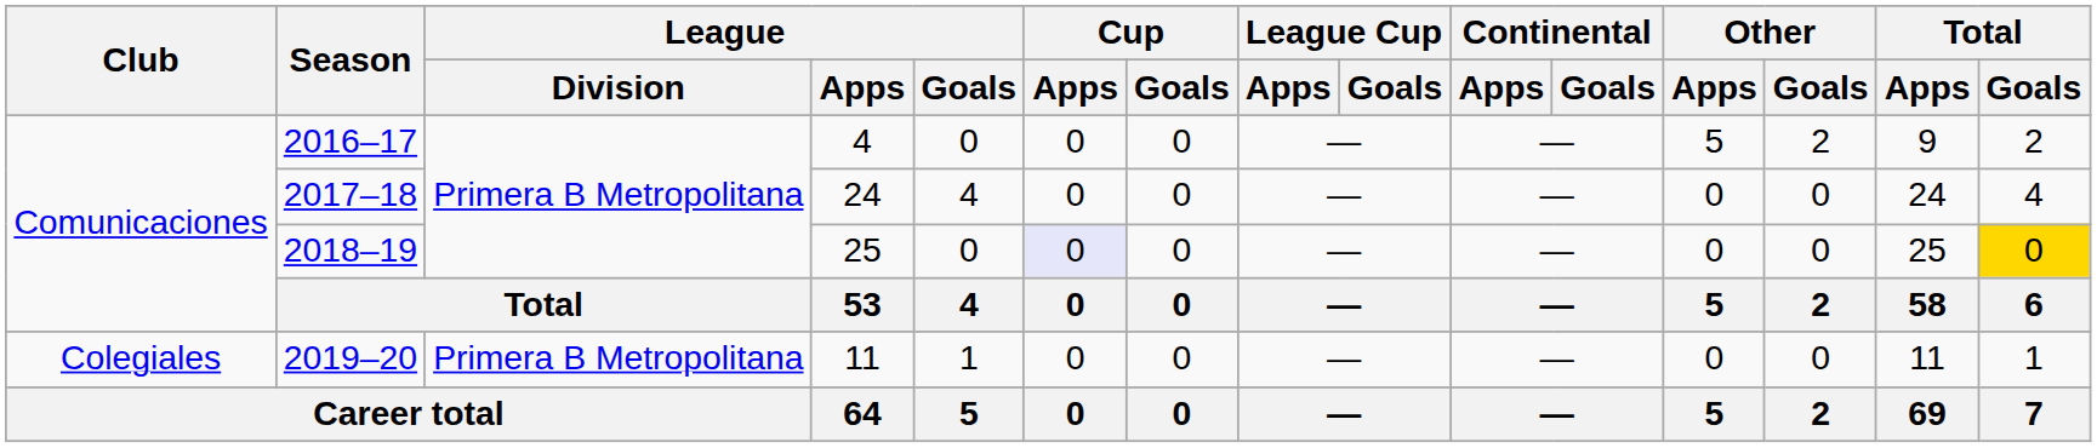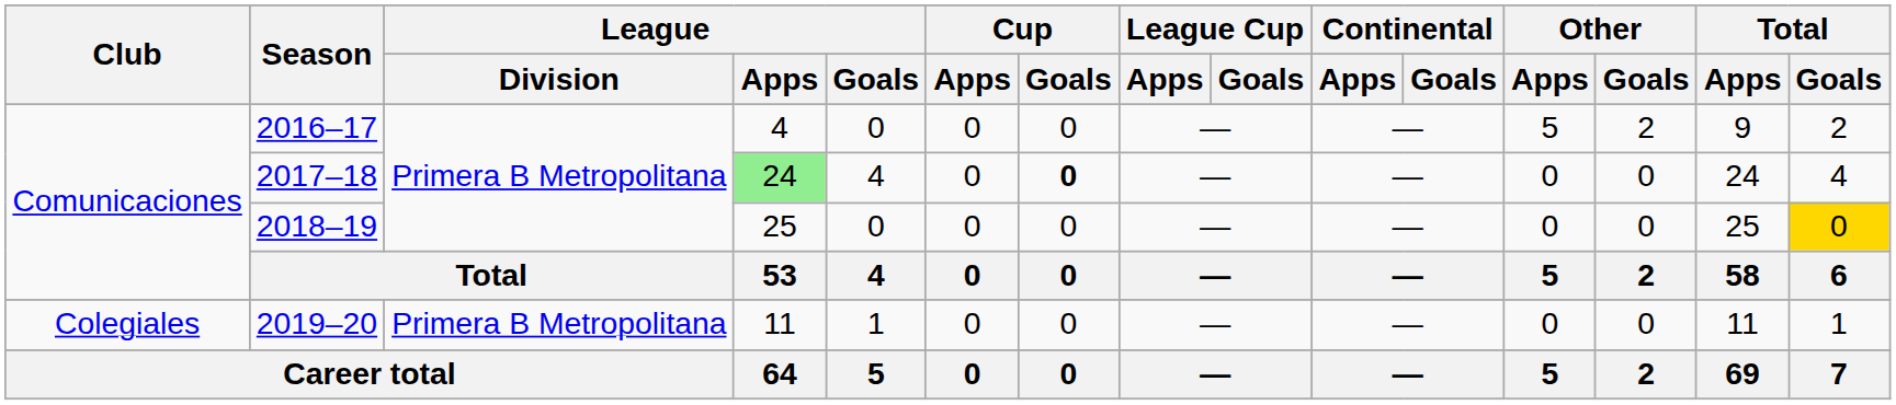 <table class="wikitable" style="text-align:center">
 <tr>
 <th rowspan="2">Club</th>
 <th rowspan="2">Season</th>
 <th colspan="3">League</th>
 <th colspan="2">Cup</th>
 <th colspan="2">League Cup</th>
 <th colspan="2">Continental</th>
 <th colspan="2">Other</th>
 <th colspan="2">Total</th>
 </tr>
 <tr>
 <th>Division</th>
 <th>Apps</th>
 <th>Goals</th>
 <th>Apps</th>
 <th>Goals</th>
 <th>Apps</th>
 <th>Goals</th>
 <th>Apps</th>
 <th>Goals</th>
 <th>Apps</th>
 <th>Goals</th>
 <th>Apps</th>
 <th>Goals</th>
 </tr>
 <tr>
 <td rowspan="4"><a href='#'>Comunicaciones</a></td>
 <td><a href='#'>2016–17</a></td>
 <td rowspan="3"><a href='#'>Primera B Metropolitana</a></td>
 <td>4</td>
 <td>0</td>
 <td>0</td>
 <td>0</td>
 <td colspan="2">—</td>
 <td colspan="2">—</td>
 <td>5</td>
 <td>2</td>
 <td>9</td>
 <td>2</td>
 </tr>
 <tr>
 <td><a href='#'>2017–18</a></td>
-<td>24</td>
+<td style="background: lightgreen;">24</td>
 <td>4</td>
 <td>0</td>
-<td>0</td>
+<td><strong>0</strong></td>
 <td colspan="2">—</td>
 <td colspan="2">—</td>
 <td>0</td>
 <td>0</td>
 <td>24</td>
 <td>4</td>
 </tr>
 <tr>
 <td><a href='#'>2018–19</a></td>
 <td>25</td>
 <td>0</td>
-<td style="background: lavender;">0</td>
+<td>0</td>
 <td>0</td>
 <td colspan="2">—</td>
 <td colspan="2">—</td>
 <td>0</td>
 <td>0</td>
 <td>25</td>
 <td style="background: gold;">0</td>
 </tr>
 <tr>
 <th colspan="2">Total</th>
 <th>53</th>
 <th>4</th>
 <th>0</th>
 <th>0</th>
 <th colspan="2">—</th>
 <th colspan="2">—</th>
 <th>5</th>
 <th>2</th>
 <th>58</th>
 <th>6</th>
 </tr>
 <tr>
 <td rowspan="1"><a href='#'>Colegiales</a></td>
 <td><a href='#'>2019–20</a></td>
 <td rowspan="1"><a href='#'>Primera B Metropolitana</a></td>
 <td>11</td>
 <td>1</td>
 <td>0</td>
 <td>0</td>
 <td colspan="2">—</td>
 <td colspan="2">—</td>
 <td>0</td>
 <td>0</td>
 <td>11</td>
 <td>1</td>
 </tr>
 <tr>
 <th colspan="3">Career total</th>
 <th>64</th>
 <th>5</th>
 <th>0</th>
 <th>0</th>
 <th colspan="2">—</th>
 <th colspan="2">—</th>
 <th>5</th>
 <th>2</th>
 <th>69</th>
 <th>7</th>
 </tr>
 </table>
